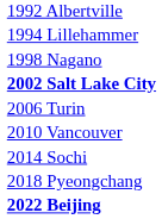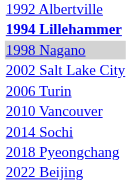 <table>
 <tr valign="top">
 <td><a href='#'>1992 Albertville</a><br></td>
 <td></td>
 <td></td>
 <td></td>
 </tr>
 <tr valign="top">
-<td><a href='#'>1994 Lillehammer</a><br></td>
+<td><strong><a href='#'>1994 Lillehammer</a><br></strong></td>
 <td></td>
 <td></td>
 <td></td>
 </tr>
 <tr valign="top">
-<td><a href='#'>1998 Nagano</a><br></td>
+<td style="background: lightgrey;"><a href='#'>1998 Nagano</a><br></td>
 <td></td>
 <td></td>
 <td></td>
 </tr>
 <tr valign="top">
-<td><strong><a href='#'>2002 Salt Lake City</a><br></strong></td>
+<td><a href='#'>2002 Salt Lake City</a><br></td>
 <td></td>
 <td></td>
 <td></td>
 </tr>
 <tr valign="top">
 <td><a href='#'>2006 Turin</a><br></td>
 <td></td>
 <td></td>
 <td></td>
 </tr>
 <tr valign="top">
 <td><a href='#'>2010 Vancouver</a><br></td>
 <td></td>
 <td></td>
 <td></td>
 </tr>
 <tr valign="top">
 <td><a href='#'>2014 Sochi</a><br></td>
 <td></td>
 <td></td>
 <td></td>
 </tr>
 <tr valign="top">
 <td><a href='#'>2018 Pyeongchang</a> <br></td>
 <td></td>
 <td></td>
 <td></td>
 </tr>
 <tr valign="top">
-<td><strong><a href='#'>2022 Beijing</a><br></strong></td>
+<td><a href='#'>2022 Beijing</a><br></td>
 <td></td>
 <td></td>
 <td></td>
 </tr>
 <tr>
 </tr>
 <tr>
 </tr>
 </table>
